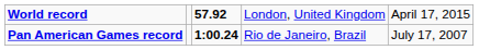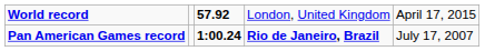 <table class="wikitable">
 <tr>
 <td><strong><a href='#'>World record</a></strong></td>
 <td></td>
 <td><strong>57.92</strong></td>
 <td><a href='#'>London</a>, <a href='#'>United Kingdom</a></td>
 <td>April 17, 2015</td>
 </tr>
 <tr>
 <td><strong><a href='#'>Pan American Games record</a></strong></td>
 <td></td>
 <td><strong>1:00.24</strong></td>
-<td><a href='#'>Rio de Janeiro</a>, <a href='#'>Brazil</a></td>
+<td><strong><a href='#'>Rio de Janeiro</a>, <a href='#'>Brazil</a></strong></td>
 <td>July 17, 2007</td>
 </tr>
 </table>
